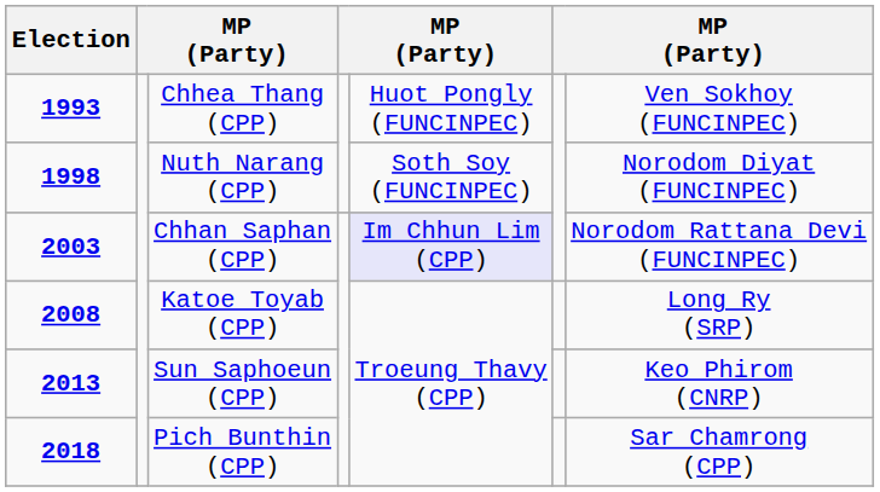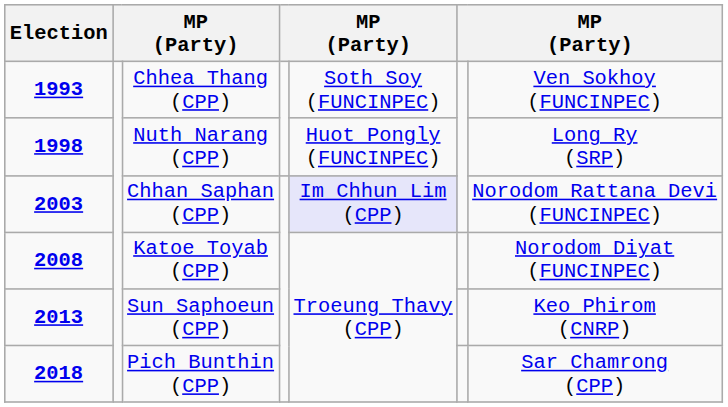 <table class="wikitable" style="text-align:center">
 <tr>
 <th>Election</th>
 <th colspan=2>MP<br>(Party)</th>
 <th colspan=2>MP<br>(Party)</th>
 <th colspan=2>MP<br>(Party)</th>
 </tr>
 <tr>
 <td><strong><a href='#'>1993</a></strong></td>
 <td rowspan=6; style="background-color: "></td>
 <td rowspan=1><a href='#'>Chhea Thang</a><br>(<a href='#'>CPP</a>)</td>
 <td rowspan=2; style="background-color: "></td>
-<td rowspan=1><a href='#'>Huot Pongly</a><br>(<a href='#'>FUNCINPEC</a>)</td>
+<td rowspan=1><a href='#'>Soth Soy</a><br>(<a href='#'>FUNCINPEC</a>)</td>
 <td rowspan=3; style="background-color: "></td>
 <td rowspan=1><a href='#'>Ven Sokhoy</a><br>(<a href='#'>FUNCINPEC</a>)</td>
 </tr>
 <tr>
 <td><strong><a href='#'>1998</a></strong></td>
 <td rowspan=1><a href='#'>Nuth Narang</a><br>(<a href='#'>CPP</a>)</td>
-<td rowspan=1><a href='#'>Soth Soy</a><br>(<a href='#'>FUNCINPEC</a>)</td>
-<td rowspan=1><a href='#'>Norodom Diyat</a><br>(<a href='#'>FUNCINPEC</a>)</td>
+<td rowspan=1><a href='#'>Huot Pongly</a><br>(<a href='#'>FUNCINPEC</a>)</td>
+<td rowspan=1><a href='#'>Long Ry</a><br>(<a href='#'>SRP</a>)</td>
 </tr>
 <tr>
 <td><strong><a href='#'>2003</a></strong></td>
 <td rowspan=1><a href='#'>Chhan Saphan</a><br>(<a href='#'>CPP</a>)</td>
 <td rowspan=4; style="background-color: "></td>
 <td rowspan=1 style="background: lavender;"><a href='#'>Im Chhun Lim</a><br>(<a href='#'>CPP</a>)</td>
 <td rowspan=1><a href='#'>Norodom Rattana Devi</a><br>(<a href='#'>FUNCINPEC</a>)</td>
 </tr>
 <tr>
 <td><strong><a href='#'>2008</a></strong></td>
 <td rowspan=1><a href='#'>Katoe Toyab</a><br>(<a href='#'>CPP</a>)</td>
 <td rowspan=3><a href='#'>Troeung Thavy</a><br>(<a href='#'>CPP</a>)</td>
 <td rowspan=1; style="background-color: "></td>
-<td rowspan=1><a href='#'>Long Ry</a><br>(<a href='#'>SRP</a>)</td>
+<td rowspan=1><a href='#'>Norodom Diyat</a><br>(<a href='#'>FUNCINPEC</a>)</td>
 </tr>
 <tr>
 <td><strong><a href='#'>2013</a></strong></td>
 <td rowspan=1><a href='#'>Sun Saphoeun</a><br>(<a href='#'>CPP</a>)</td>
 <td rowspan=1; style="background-color: "></td>
 <td rowspan=1><a href='#'>Keo Phirom</a><br>(<a href='#'>CNRP</a>)</td>
 </tr>
 <tr>
 <td><strong><a href='#'>2018</a></strong></td>
 <td rowspan=1><a href='#'>Pich Bunthin</a><br>(<a href='#'>CPP</a>)</td>
 <td rowspan=1; style="background-color: "></td>
 <td rowspan=1><a href='#'>Sar Chamrong</a><br>(<a href='#'>CPP</a>)</td>
 </tr>
 </table>
